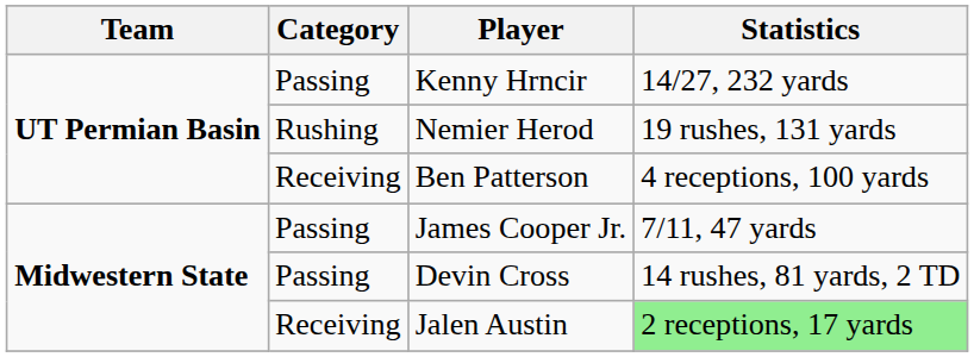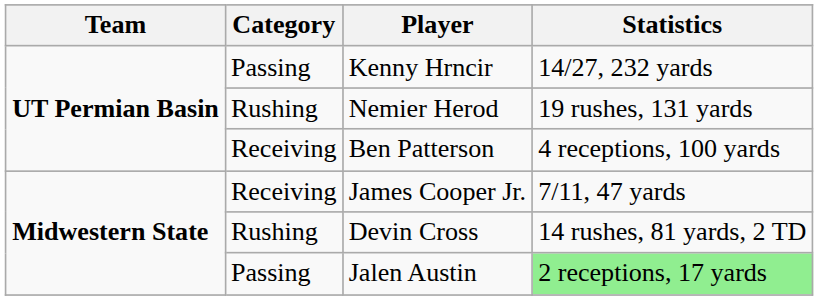 <table class="wikitable" style="float: right;">
 <tr>
 <th>Team</th>
 <th>Category</th>
 <th>Player</th>
 <th>Statistics</th>
 </tr>
 <tr>
 <td rowspan=3><strong>UT Permian Basin</strong></td>
 <td>Passing</td>
 <td>Kenny Hrncir</td>
 <td>14/27, 232 yards</td>
 </tr>
 <tr>
 <td>Rushing</td>
 <td>Nemier Herod</td>
 <td>19 rushes, 131 yards</td>
 </tr>
 <tr>
 <td>Receiving</td>
 <td>Ben Patterson</td>
 <td>4 receptions, 100 yards</td>
 </tr>
 <tr>
 <td rowspan=3><strong>Midwestern State</strong></td>
-<td>Passing</td>
+<td>Receiving</td>
 <td>James Cooper Jr.</td>
 <td>7/11, 47 yards</td>
 </tr>
 <tr>
-<td>Passing</td>
+<td>Rushing</td>
 <td>Devin Cross</td>
 <td>14 rushes, 81 yards, 2 TD</td>
 </tr>
 <tr>
-<td>Receiving</td>
+<td>Passing</td>
 <td>Jalen Austin</td>
 <td style="background: lightgreen;">2 receptions, 17 yards</td>
 </tr>
 </table>
